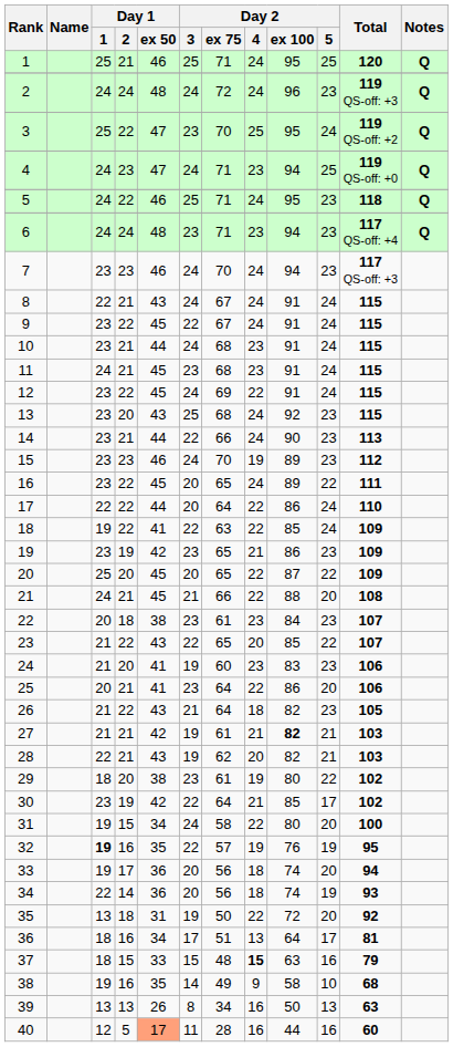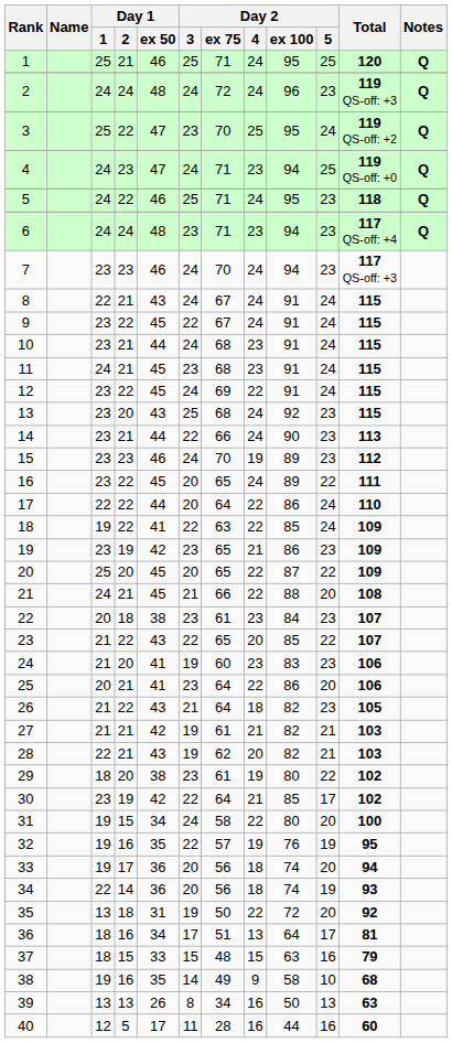 <table class="wikitable sortable" style="text-align:center">
 <tr>
 <th rowspan=2>Rank</th>
 <th rowspan=2>Name</th>
 <th colspan=3>Day 1</th>
 <th colspan=5>Day 2</th>
 <th rowspan=2>Total</th>
 <th rowspan=2>Notes</th>
 </tr>
 <tr>
 <th>1</th>
 <th>2</th>
 <th>ex 50</th>
 <th>3</th>
 <th>ex 75</th>
 <th>4</th>
 <th>ex 100</th>
 <th>5</th>
 </tr>
 <tr bgcolor=#ccffcc>
 <td>1</td>
 <td align=left></td>
 <td>25</td>
 <td>21</td>
 <td>46</td>
 <td>25</td>
 <td>71</td>
 <td>24</td>
 <td>95</td>
 <td>25</td>
 <td><strong>120</strong></td>
 <td><strong>Q</strong></td>
 </tr>
 <tr>
 </tr>
 <tr bgcolor=#ccffcc>
 <td>2</td>
 <td align=left></td>
 <td>24</td>
 <td>24</td>
 <td>48</td>
 <td>24</td>
 <td>72</td>
 <td>24</td>
 <td>96</td>
 <td>23</td>
 <td><strong>119</strong><br><small>QS-off: +3</small></td>
 <td><strong>Q</strong></td>
 </tr>
 <tr>
 </tr>
 <tr bgcolor=#ccffcc>
 <td>3</td>
 <td align=left></td>
 <td>25</td>
 <td>22</td>
 <td>47</td>
 <td>23</td>
 <td>70</td>
 <td>25</td>
 <td>95</td>
 <td>24</td>
 <td><strong>119</strong><br><small>QS-off: +2</small></td>
 <td><strong>Q</strong></td>
 </tr>
 <tr>
 </tr>
 <tr bgcolor=#ccffcc>
 <td>4</td>
 <td align=left></td>
 <td>24</td>
 <td>23</td>
 <td>47</td>
 <td>24</td>
 <td>71</td>
 <td>23</td>
 <td>94</td>
 <td>25</td>
 <td><strong>119</strong><br><small>QS-off: +0</small></td>
 <td><strong>Q</strong></td>
 </tr>
 <tr>
 </tr>
 <tr bgcolor=#ccffcc>
 <td>5</td>
 <td align=left></td>
 <td>24</td>
 <td>22</td>
 <td>46</td>
 <td>25</td>
 <td>71</td>
 <td>24</td>
 <td>95</td>
 <td>23</td>
 <td><strong>118</strong></td>
 <td><strong>Q</strong></td>
 </tr>
 <tr>
 </tr>
 <tr bgcolor=#ccffcc>
 <td>6</td>
 <td align=left></td>
 <td>24</td>
 <td>24</td>
 <td>48</td>
 <td>23</td>
 <td>71</td>
 <td>23</td>
 <td>94</td>
 <td>23</td>
 <td><strong>117</strong><br><small>QS-off: +4</small></td>
 <td><strong>Q</strong></td>
 </tr>
 <tr>
 <td>7</td>
 <td align=left></td>
 <td>23</td>
 <td>23</td>
 <td>46</td>
 <td>24</td>
 <td>70</td>
 <td>24</td>
 <td>94</td>
 <td>23</td>
 <td><strong>117</strong><br><small>QS-off: +3</small></td>
 <td></td>
 </tr>
 <tr>
 <td>8</td>
 <td align=left></td>
 <td>22</td>
 <td>21</td>
 <td>43</td>
 <td>24</td>
 <td>67</td>
 <td>24</td>
 <td>91</td>
 <td>24</td>
 <td><strong>115</strong></td>
 <td></td>
 </tr>
 <tr>
 <td>9</td>
 <td align=left></td>
 <td>23</td>
 <td>22</td>
 <td>45</td>
 <td>22</td>
 <td>67</td>
 <td>24</td>
 <td>91</td>
 <td>24</td>
 <td><strong>115</strong></td>
 <td></td>
 </tr>
 <tr>
 <td>10</td>
 <td align=left></td>
 <td>23</td>
 <td>21</td>
 <td>44</td>
 <td>24</td>
 <td>68</td>
 <td>23</td>
 <td>91</td>
 <td>24</td>
 <td><strong>115</strong></td>
 <td></td>
 </tr>
 <tr>
 <td>11</td>
 <td align=left></td>
 <td>24</td>
 <td>21</td>
 <td>45</td>
 <td>23</td>
 <td>68</td>
 <td>23</td>
 <td>91</td>
 <td>24</td>
 <td><strong>115</strong></td>
 <td></td>
 </tr>
 <tr>
 <td>12</td>
 <td align=left></td>
 <td>23</td>
 <td>22</td>
 <td>45</td>
 <td>24</td>
 <td>69</td>
 <td>22</td>
 <td>91</td>
 <td>24</td>
 <td><strong>115</strong></td>
 <td></td>
 </tr>
 <tr>
 <td>13</td>
 <td align=left></td>
 <td>23</td>
 <td>20</td>
 <td>43</td>
 <td>25</td>
 <td>68</td>
 <td>24</td>
 <td>92</td>
 <td>23</td>
 <td><strong>115</strong></td>
 <td></td>
 </tr>
 <tr>
 <td>14</td>
 <td align=left></td>
 <td>23</td>
 <td>21</td>
 <td>44</td>
 <td>22</td>
 <td>66</td>
 <td>24</td>
 <td>90</td>
 <td>23</td>
 <td><strong>113</strong></td>
 <td></td>
 </tr>
 <tr>
 <td>15</td>
 <td align=left></td>
 <td>23</td>
 <td>23</td>
 <td>46</td>
 <td>24</td>
 <td>70</td>
 <td>19</td>
 <td>89</td>
 <td>23</td>
 <td><strong>112</strong></td>
 <td></td>
 </tr>
 <tr>
 <td>16</td>
 <td align=left></td>
 <td>23</td>
 <td>22</td>
 <td>45</td>
 <td>20</td>
 <td>65</td>
 <td>24</td>
 <td>89</td>
 <td>22</td>
 <td><strong>111</strong></td>
 <td></td>
 </tr>
 <tr>
 <td>17</td>
 <td align=left></td>
 <td>22</td>
 <td>22</td>
 <td>44</td>
 <td>20</td>
 <td>64</td>
 <td>22</td>
 <td>86</td>
 <td>24</td>
 <td><strong>110</strong></td>
 <td></td>
 </tr>
 <tr>
 <td>18</td>
 <td align=left></td>
 <td>19</td>
 <td>22</td>
 <td>41</td>
 <td>22</td>
 <td>63</td>
 <td>22</td>
 <td>85</td>
 <td>24</td>
 <td><strong>109</strong></td>
 <td></td>
 </tr>
 <tr>
 <td>19</td>
 <td align=left></td>
 <td>23</td>
 <td>19</td>
 <td>42</td>
 <td>23</td>
 <td>65</td>
 <td>21</td>
 <td>86</td>
 <td>23</td>
 <td><strong>109</strong></td>
 <td></td>
 </tr>
 <tr>
 <td>20</td>
 <td align=left></td>
 <td>25</td>
 <td>20</td>
 <td>45</td>
 <td>20</td>
 <td>65</td>
 <td>22</td>
 <td>87</td>
 <td>22</td>
 <td><strong>109</strong></td>
 <td></td>
 </tr>
 <tr>
 <td>21</td>
 <td align=left></td>
 <td>24</td>
 <td>21</td>
 <td>45</td>
 <td>21</td>
 <td>66</td>
 <td>22</td>
 <td>88</td>
 <td>20</td>
 <td><strong>108</strong></td>
 <td></td>
 </tr>
 <tr>
 <td>22</td>
 <td align=left></td>
 <td>20</td>
 <td>18</td>
 <td>38</td>
 <td>23</td>
 <td>61</td>
 <td>23</td>
 <td>84</td>
 <td>23</td>
 <td><strong>107</strong></td>
 <td></td>
 </tr>
 <tr>
 <td>23</td>
 <td align=left></td>
 <td>21</td>
 <td>22</td>
 <td>43</td>
 <td>22</td>
 <td>65</td>
 <td>20</td>
 <td>85</td>
 <td>22</td>
 <td><strong>107</strong></td>
 <td></td>
 </tr>
 <tr>
 <td>24</td>
 <td align=left></td>
 <td>21</td>
 <td>20</td>
 <td>41</td>
 <td>19</td>
 <td>60</td>
 <td>23</td>
 <td>83</td>
 <td>23</td>
 <td><strong>106</strong></td>
 <td></td>
 </tr>
 <tr>
 <td>25</td>
 <td align=left></td>
 <td>20</td>
 <td>21</td>
 <td>41</td>
 <td>23</td>
 <td>64</td>
 <td>22</td>
 <td>86</td>
 <td>20</td>
 <td><strong>106</strong></td>
 <td></td>
 </tr>
 <tr>
 <td>26</td>
 <td align=left></td>
 <td>21</td>
 <td>22</td>
 <td>43</td>
 <td>21</td>
 <td>64</td>
 <td>18</td>
 <td>82</td>
 <td>23</td>
 <td><strong>105</strong></td>
 <td></td>
 </tr>
 <tr>
 <td>27</td>
 <td align=left></td>
 <td>21</td>
 <td>21</td>
 <td>42</td>
 <td>19</td>
 <td>61</td>
 <td>21</td>
-<td><strong>82</strong></td>
+<td>82</td>
 <td>21</td>
 <td><strong>103</strong></td>
 <td></td>
 </tr>
 <tr>
 <td>28</td>
 <td align=left></td>
 <td>22</td>
 <td>21</td>
 <td>43</td>
 <td>19</td>
 <td>62</td>
 <td>20</td>
 <td>82</td>
 <td>21</td>
 <td><strong>103</strong></td>
 <td></td>
 </tr>
 <tr>
 <td>29</td>
 <td align=left></td>
 <td>18</td>
 <td>20</td>
 <td>38</td>
 <td>23</td>
 <td>61</td>
 <td>19</td>
 <td>80</td>
 <td>22</td>
 <td><strong>102</strong></td>
 <td></td>
 </tr>
 <tr>
 <td>30</td>
 <td align=left></td>
 <td>23</td>
 <td>19</td>
 <td>42</td>
 <td>22</td>
 <td>64</td>
 <td>21</td>
 <td>85</td>
 <td>17</td>
 <td><strong>102</strong></td>
 <td></td>
 </tr>
 <tr>
 <td>31</td>
 <td align=left></td>
 <td>19</td>
 <td>15</td>
 <td>34</td>
 <td>24</td>
 <td>58</td>
 <td>22</td>
 <td>80</td>
 <td>20</td>
 <td><strong>100</strong></td>
 <td></td>
 </tr>
 <tr>
 <td>32</td>
 <td align=left></td>
-<td><strong>19</strong></td>
+<td>19</td>
 <td>16</td>
 <td>35</td>
 <td>22</td>
 <td>57</td>
 <td>19</td>
 <td>76</td>
 <td>19</td>
 <td><strong>95</strong></td>
 <td></td>
 </tr>
 <tr>
 <td>33</td>
 <td align=left></td>
 <td>19</td>
 <td>17</td>
 <td>36</td>
 <td>20</td>
 <td>56</td>
 <td>18</td>
 <td>74</td>
 <td>20</td>
 <td><strong>94</strong></td>
 <td></td>
 </tr>
 <tr>
 <td>34</td>
 <td align=left></td>
 <td>22</td>
 <td>14</td>
 <td>36</td>
 <td>20</td>
 <td>56</td>
 <td>18</td>
 <td>74</td>
 <td>19</td>
 <td><strong>93</strong></td>
 <td></td>
 </tr>
 <tr>
 <td>35</td>
 <td align=left></td>
 <td>13</td>
 <td>18</td>
 <td>31</td>
 <td>19</td>
 <td>50</td>
 <td>22</td>
 <td>72</td>
 <td>20</td>
 <td><strong>92</strong></td>
 <td></td>
 </tr>
 <tr>
 <td>36</td>
 <td align=left></td>
 <td>18</td>
 <td>16</td>
 <td>34</td>
 <td>17</td>
 <td>51</td>
 <td>13</td>
 <td>64</td>
 <td>17</td>
 <td><strong>81</strong></td>
 <td></td>
 </tr>
 <tr>
 <td>37</td>
 <td align=left></td>
 <td>18</td>
 <td>15</td>
 <td>33</td>
 <td>15</td>
 <td>48</td>
-<td><strong>15</strong></td>
+<td>15</td>
 <td>63</td>
 <td>16</td>
 <td><strong>79</strong></td>
 <td></td>
 </tr>
 <tr>
 <td>38</td>
 <td align=left></td>
 <td>19</td>
 <td>16</td>
 <td>35</td>
 <td>14</td>
 <td>49</td>
 <td>9</td>
 <td>58</td>
 <td>10</td>
 <td><strong>68</strong></td>
 <td></td>
 </tr>
 <tr>
 <td>39</td>
 <td align=left></td>
 <td>13</td>
 <td>13</td>
 <td>26</td>
 <td>8</td>
 <td>34</td>
 <td>16</td>
 <td>50</td>
 <td>13</td>
 <td><strong>63</strong></td>
 <td></td>
 </tr>
 <tr>
 <td>40</td>
 <td align=left></td>
 <td>12</td>
 <td>5</td>
-<td style="background: lightsalmon;">17</td>
+<td>17</td>
 <td>11</td>
 <td>28</td>
 <td>16</td>
 <td>44</td>
 <td>16</td>
 <td><strong>60</strong></td>
 <td></td>
 </tr>
 </table>
